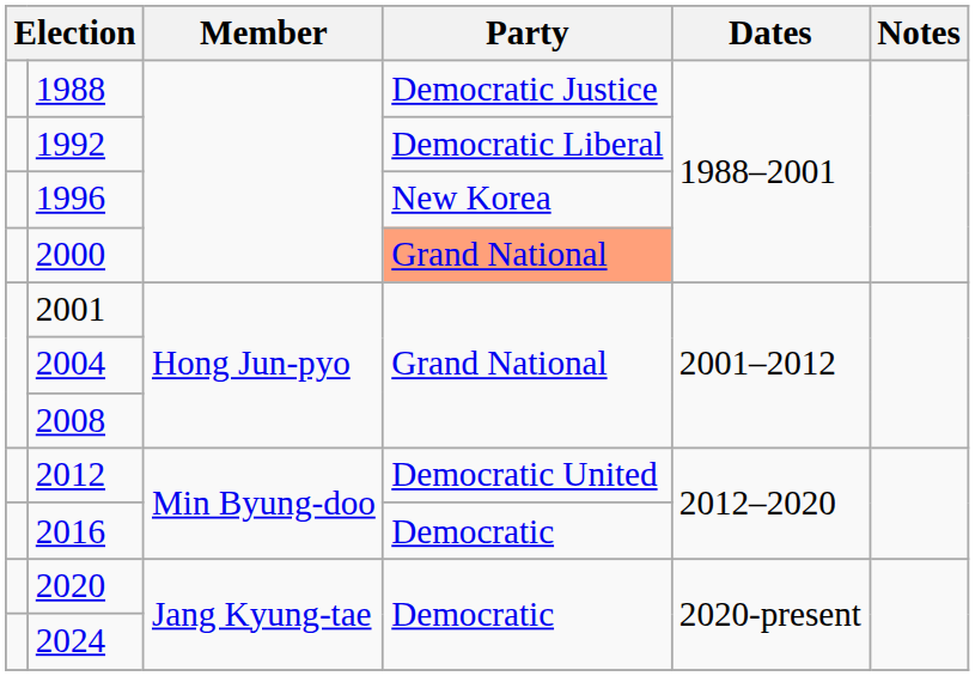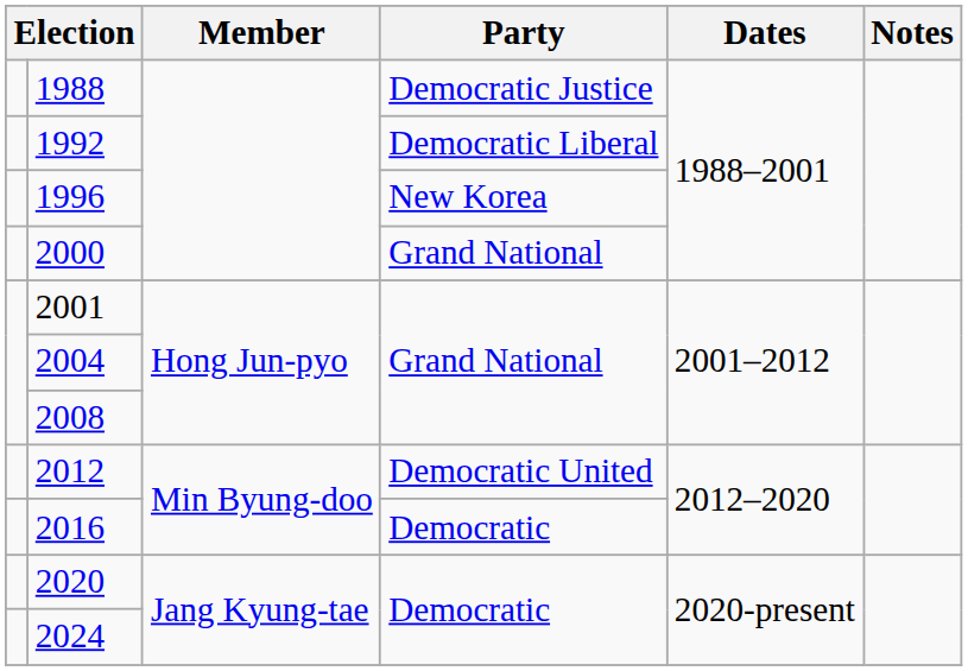 <table class="wikitable">
 <tr>
 <th colspan="2">Election</th>
 <th>Member</th>
 <th>Party</th>
 <th>Dates</th>
 <th>Notes</th>
 </tr>
 <tr>
 <td bgcolor=></td>
 <td><a href='#'>1988</a></td>
 <td rowspan="4"></td>
 <td><a href='#'>Democratic Justice</a></td>
 <td rowspan="4">1988–2001</td>
 <td rowspan="4"></td>
 </tr>
 <tr>
 <td bgcolor=></td>
 <td><a href='#'>1992</a></td>
 <td><a href='#'>Democratic Liberal</a></td>
 </tr>
 <tr>
 <td bgcolor=></td>
 <td><a href='#'>1996</a></td>
 <td><a href='#'>New Korea</a></td>
 </tr>
 <tr>
 <td bgcolor=></td>
 <td><a href='#'>2000</a></td>
-<td style="background: lightsalmon;"><a href='#'>Grand National</a></td>
+<td><a href='#'>Grand National</a></td>
 </tr>
 <tr>
 <td rowspan="3" bgcolor=></td>
 <td>2001</td>
 <td rowspan="3"><a href='#'>Hong Jun-pyo</a></td>
 <td rowspan="3"><a href='#'>Grand National</a></td>
 <td rowspan="3">2001–2012</td>
 <td rowspan="3"></td>
 </tr>
 <tr>
 <td><a href='#'>2004</a></td>
 </tr>
 <tr>
 <td><a href='#'>2008</a></td>
 </tr>
 <tr>
 <td bgcolor=></td>
 <td><a href='#'>2012</a></td>
 <td rowspan="2"><a href='#'>Min Byung-doo</a></td>
 <td><a href='#'>Democratic United</a></td>
 <td rowspan="2">2012–2020</td>
 <td rowspan="2"></td>
 </tr>
 <tr>
 <td bgcolor=></td>
 <td><a href='#'>2016</a></td>
 <td><a href='#'>Democratic</a></td>
 </tr>
 <tr>
 <td bgcolor=></td>
 <td><a href='#'>2020</a></td>
 <td rowspan="2"><a href='#'>Jang Kyung-tae</a></td>
 <td rowspan="2"><a href='#'>Democratic</a></td>
 <td rowspan="2">2020-present</td>
 <td rowspan="2"></td>
 </tr>
 <tr>
 <td bgcolor=></td>
 <td><a href='#'>2024</a></td>
 </tr>
 </table>
